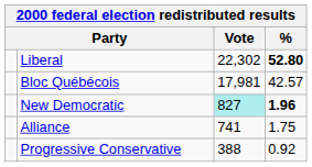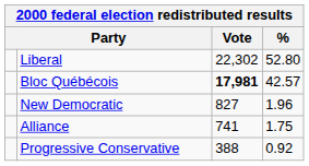 <table class="wikitable">
 <tr>
 <th colspan="4"><a href='#'>2000 federal election</a> redistributed results</th>
 </tr>
 <tr>
 <th bgcolor="#DDDDFF" width="230px" colspan="2">Party</th>
 <th bgcolor="#DDDDFF" width="50px">Vote</th>
 <th bgcolor="#DDDDFF" width="30px">%</th>
 </tr>
 <tr>
 <td> </td>
 <td><a href='#'>Liberal</a></td>
 <td>22,302</td>
-<td><strong>52.80</strong></td>
+<td>52.80</td>
 </tr>
 <tr>
 <td> </td>
 <td><a href='#'>Bloc Québécois</a></td>
-<td>17,981</td>
+<td><strong>17,981</strong></td>
 <td>42.57</td>
 </tr>
 <tr>
 <td> </td>
 <td><a href='#'>New Democratic</a></td>
-<td style="background: paleturquoise;">827</td>
-<td><strong>1.96</strong></td>
+<td>827</td>
+<td>1.96</td>
 </tr>
 <tr>
 <td> </td>
 <td><a href='#'>Alliance</a></td>
 <td>741</td>
 <td>1.75</td>
 </tr>
 <tr>
 <td> </td>
 <td><a href='#'>Progressive Conservative</a></td>
 <td>388</td>
 <td>0.92</td>
 </tr>
 </table>
